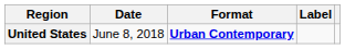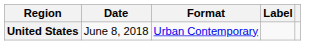 <table class="wikitable plainrowheaders">
 <tr>
 <th scope="col">Region</th>
 <th scope="col">Date</th>
 <th scope="col">Format</th>
 <th scope="col">Label</th>
 <th scope="col"></th>
 </tr>
 <tr>
 <th scope="row" rowspan="2">United States</th>
 <td>June 8, 2018</td>
-<td><strong><a href='#'>Urban Contemporary</a></strong></td>
+<td><a href='#'>Urban Contemporary</a></td>
 <td rowspan="2"></td>
 <td></td>
 </tr>
 </table>
